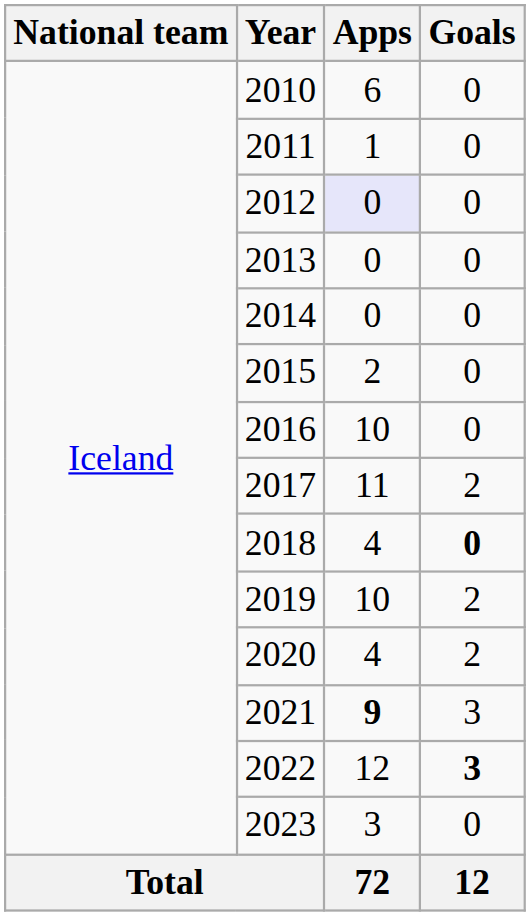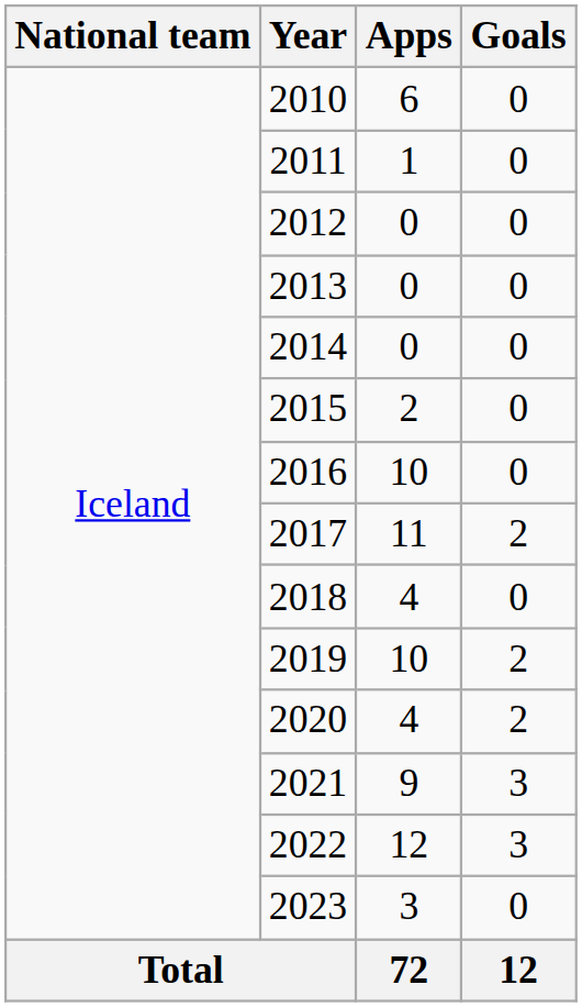 <table class="wikitable" style="text-align:center">
 <tr>
 <th>National team</th>
 <th>Year</th>
 <th>Apps</th>
 <th>Goals</th>
 </tr>
 <tr>
 <td rowspan="14"><a href='#'>Iceland</a></td>
 <td>2010</td>
 <td>6</td>
 <td>0</td>
 </tr>
 <tr>
 <td>2011</td>
 <td>1</td>
 <td>0</td>
 </tr>
 <tr>
 <td>2012</td>
-<td style="background: lavender;">0</td>
+<td>0</td>
 <td>0</td>
 </tr>
 <tr>
 <td>2013</td>
 <td>0</td>
 <td>0</td>
 </tr>
 <tr>
 <td>2014</td>
 <td>0</td>
 <td>0</td>
 </tr>
 <tr>
 <td>2015</td>
 <td>2</td>
 <td>0</td>
 </tr>
 <tr>
 <td>2016</td>
 <td>10</td>
 <td>0</td>
 </tr>
 <tr>
 <td>2017</td>
 <td>11</td>
 <td>2</td>
 </tr>
 <tr>
 <td>2018</td>
 <td>4</td>
-<td><strong>0</strong></td>
+<td>0</td>
 </tr>
 <tr>
 <td>2019</td>
 <td>10</td>
 <td>2</td>
 </tr>
 <tr>
 <td>2020</td>
 <td>4</td>
 <td>2</td>
 </tr>
 <tr>
 <td>2021</td>
-<td><strong>9</strong></td>
+<td>9</td>
 <td>3</td>
 </tr>
 <tr>
 <td>2022</td>
 <td>12</td>
-<td><strong>3</strong></td>
+<td>3</td>
 </tr>
 <tr>
 <td>2023</td>
 <td>3</td>
 <td>0</td>
 </tr>
 <tr>
 <th colspan="2">Total</th>
 <th>72</th>
 <th>12</th>
 </tr>
 </table>
